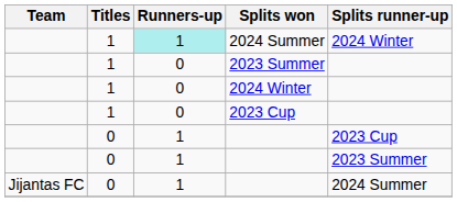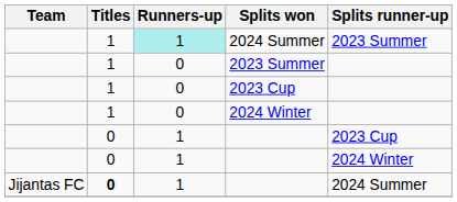 <table class="wikitable sortable">
 <tr>
 <th>Team</th>
 <th>Titles</th>
 <th>Runners-up</th>
 <th>Splits won</th>
 <th>Splits runner-up</th>
 </tr>
 <tr>
 <td></td>
 <td align=center>1</td>
 <td align=center style="background: paleturquoise;">1</td>
 <td>2024 Summer</td>
-<td><a href='#'>2024 Winter</a></td>
+<td><a href='#'>2023 Summer</a></td>
 </tr>
 <tr>
 <td></td>
 <td align=center>1</td>
 <td align=center>0</td>
 <td><a href='#'>2023 Summer</a></td>
 <td></td>
 </tr>
 <tr>
 <td></td>
 <td align=center>1</td>
 <td align=center>0</td>
-<td><a href='#'>2024 Winter</a></td>
+<td><a href='#'>2023 Cup</a></td>
 <td></td>
 </tr>
 <tr>
 <td></td>
 <td align=center>1</td>
 <td align=center>0</td>
-<td><a href='#'>2023 Cup</a></td>
+<td><a href='#'>2024 Winter</a></td>
 <td></td>
 </tr>
 <tr>
 <td></td>
 <td align=center>0</td>
 <td align=center>1</td>
 <td></td>
 <td><a href='#'>2023 Cup</a></td>
 </tr>
 <tr>
 <td></td>
 <td align=center>0</td>
 <td align=center>1</td>
 <td></td>
-<td><a href='#'>2023 Summer</a></td>
+<td><a href='#'>2024 Winter</a></td>
 </tr>
 <tr>
 <td>Jijantas FC</td>
-<td align=center>0</td>
+<td align=center><strong>0</strong></td>
 <td align=center>1</td>
 <td></td>
 <td>2024 Summer</td>
 </tr>
 <tr>
 </tr>
 </table>
